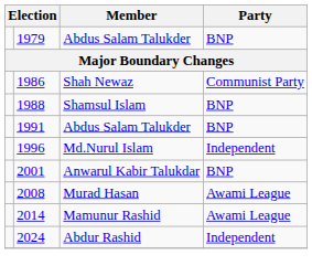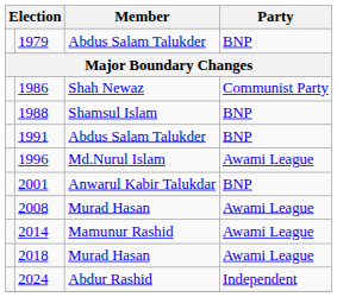 <table class="wikitable">
 <tr>
 <th colspan="2">Election</th>
 <th>Member</th>
 <th>Party</th>
 </tr>
 <tr>
 <td style="background-color:"></td>
 <td><a href='#'>1979</a></td>
 <td><a href='#'>Abdus Salam Talukder</a></td>
 <td><a href='#'>BNP</a></td>
 </tr>
 <tr>
 <th colspan="4">Major Boundary Changes</th>
 </tr>
 <tr>
 <td style="background-color:"></td>
 <td><a href='#'>1986</a></td>
 <td><a href='#'>Shah Newaz</a></td>
 <td><a href='#'>Communist Party</a></td>
 </tr>
 <tr>
 <td style="background-color:"></td>
 <td><a href='#'>1988</a></td>
 <td><a href='#'>Shamsul Islam</a></td>
 <td><a href='#'>BNP</a></td>
 </tr>
 <tr>
 <td style="background-color:"></td>
 <td><a href='#'>1991</a></td>
 <td><a href='#'>Abdus Salam Talukder</a></td>
 <td><a href='#'>BNP</a></td>
 </tr>
 <tr>
 <td style="background-color:"></td>
 <td><a href='#'>1996</a></td>
 <td><a href='#'>Md.Nurul Islam</a></td>
-<td><a href='#'>Independent</a></td>
+<td><a href='#'>Awami League</a></td>
 </tr>
 <tr>
 <td style="background-color:"></td>
 <td><a href='#'>2001</a></td>
 <td><a href='#'>Anwarul Kabir Talukdar</a></td>
 <td><a href='#'>BNP</a></td>
 </tr>
 <tr>
 <td style="background-color:"></td>
 <td><a href='#'>2008</a></td>
 <td><a href='#'>Murad Hasan</a></td>
 <td><a href='#'>Awami League</a></td>
 </tr>
 <tr>
 <td style="background-color:"></td>
 <td><a href='#'>2014</a></td>
 <td><a href='#'>Mamunur Rashid</a></td>
 <td><a href='#'>Awami League</a></td>
 </tr>
 <tr>
 <td style="background-color:"></td>
+<td><a href='#'>2018</a></td>
+<td><a href='#'>Murad Hasan</a></td>
+<td><a href='#'>Awami League</a></td>
+</tr>
+<tr>
+<td style="background-color:"></td>
 <td><a href='#'>2024</a></td>
 <td><a href='#'>Abdur Rashid</a></td>
 <td><a href='#'>Independent</a></td>
 </tr>
 <tr>
 </tr>
 </table>
